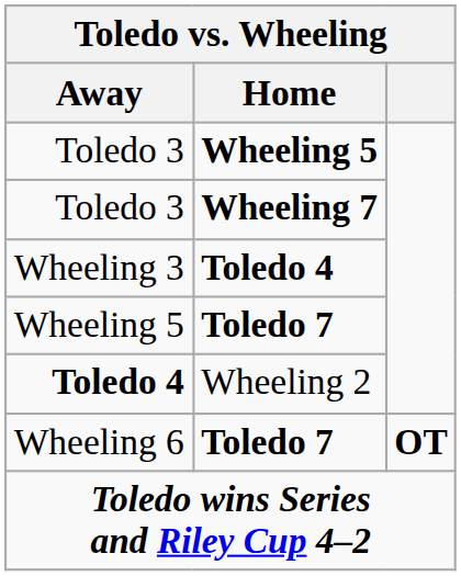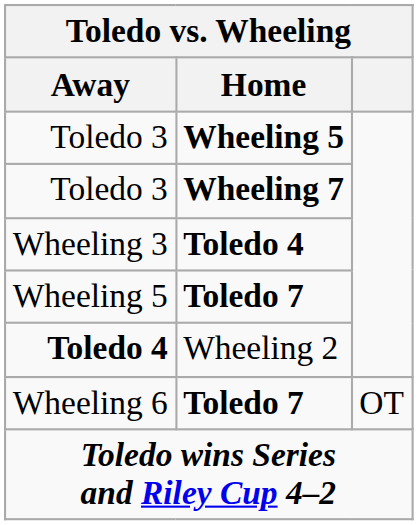 <table class="wikitable">
 <tr>
 <th bgcolor="#DDDDDD" colspan="4">Toledo vs. Wheeling</th>
 </tr>
 <tr>
 <th>Away</th>
 <th>Home</th>
 <th></th>
 </tr>
 <tr>
 <td align="right">Toledo 3</td>
 <td><strong>Wheeling 5</strong></td>
 </tr>
 <tr>
 <td align="right">Toledo 3</td>
 <td><strong>Wheeling 7</strong></td>
 </tr>
 <tr>
 <td align="right">Wheeling 3</td>
 <td><strong>Toledo 4</strong></td>
 </tr>
 <tr>
 <td align="right">Wheeling 5</td>
 <td><strong>Toledo 7</strong></td>
 </tr>
 <tr>
 <td align="right"><strong>Toledo 4</strong></td>
 <td>Wheeling 2</td>
 </tr>
 <tr>
 <td align="right">Wheeling 6</td>
 <td><strong>Toledo 7</strong></td>
-<td align="center"><strong>OT</strong></td>
+<td align="center">OT</td>
 </tr>
 <tr align="center">
 <td colspan="4"><strong><em>Toledo wins Series <br> and <a href='#'>Riley Cup</a> 4–2</em></strong></td>
 </tr>
 </table>
